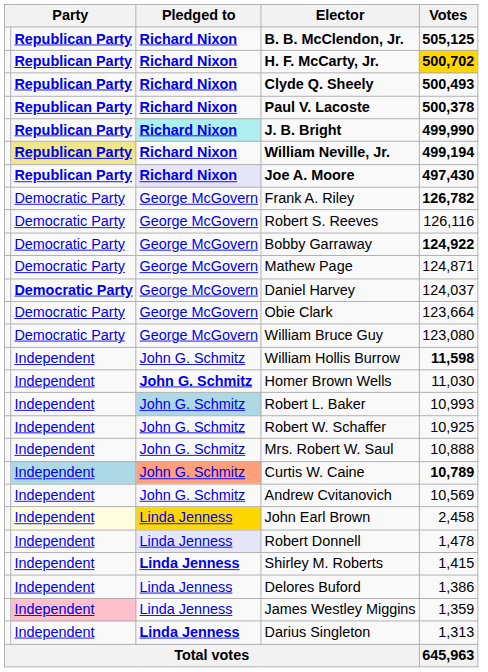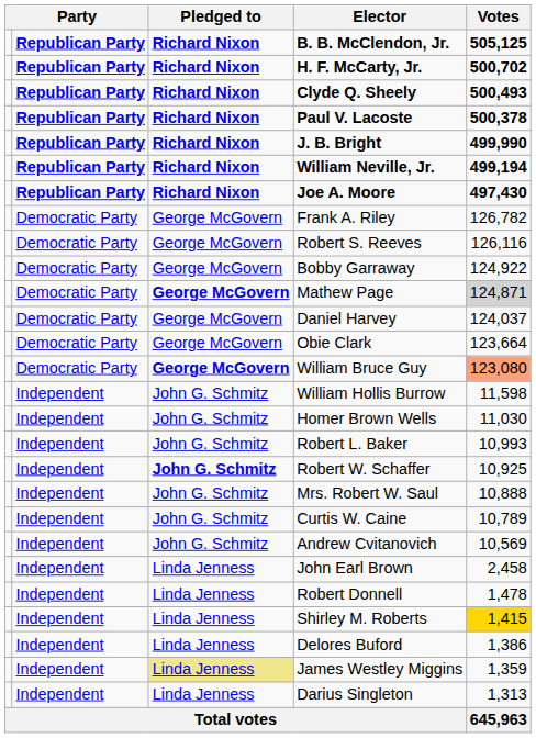 <table class="wikitable">
 <tr>
 <th colspan=2>Party</th>
 <th>Pledged to</th>
 <th>Elector</th>
 <th>Votes</th>
 </tr>
 <tr style="font-weight:bold">
 <td bgcolor=></td>
 <td><a href='#'>Republican Party</a></td>
 <td><a href='#'>Richard Nixon</a></td>
 <td>B. B. McClendon, Jr.</td>
 <td align=right>505,125</td>
 </tr>
 <tr style="font-weight:bold">
 <td bgcolor=></td>
 <td><a href='#'>Republican Party</a></td>
 <td><a href='#'>Richard Nixon</a></td>
 <td>H. F. McCarty, Jr.</td>
-<td align=right style="background: gold;">500,702</td>
+<td align=right>500,702</td>
 </tr>
 <tr style="font-weight:bold">
 <td bgcolor=></td>
 <td><a href='#'>Republican Party</a></td>
 <td><a href='#'>Richard Nixon</a></td>
 <td>Clyde Q. Sheely</td>
 <td align=right>500,493</td>
 </tr>
 <tr style="font-weight:bold">
 <td bgcolor=></td>
 <td><a href='#'>Republican Party</a></td>
 <td><a href='#'>Richard Nixon</a></td>
 <td>Paul V. Lacoste</td>
 <td align=right>500,378</td>
 </tr>
 <tr style="font-weight:bold">
 <td bgcolor=></td>
 <td><a href='#'>Republican Party</a></td>
-<td style="background: paleturquoise;"><a href='#'>Richard Nixon</a></td>
+<td><a href='#'>Richard Nixon</a></td>
 <td>J. B. Bright</td>
 <td align=right>499,990</td>
 </tr>
 <tr style="font-weight:bold">
 <td bgcolor=></td>
-<td style="background: khaki;"><a href='#'>Republican Party</a></td>
+<td><a href='#'>Republican Party</a></td>
 <td><a href='#'>Richard Nixon</a></td>
 <td>William Neville, Jr.</td>
 <td align=right>499,194</td>
 </tr>
 <tr style="font-weight:bold">
 <td bgcolor=></td>
 <td><a href='#'>Republican Party</a></td>
-<td style="background: lavender;"><a href='#'>Richard Nixon</a></td>
+<td><a href='#'>Richard Nixon</a></td>
 <td>Joe A. Moore</td>
 <td align=right>497,430</td>
 </tr>
 <tr>
 <td bgcolor=></td>
 <td><a href='#'>Democratic Party</a></td>
 <td><a href='#'>George McGovern</a></td>
 <td>Frank A. Riley</td>
-<td align=right><strong>126,782</strong></td>
+<td align=right>126,782</td>
 </tr>
 <tr>
 <td bgcolor=></td>
 <td><a href='#'>Democratic Party</a></td>
 <td><a href='#'>George McGovern</a></td>
 <td>Robert S. Reeves</td>
 <td align=right>126,116</td>
 </tr>
 <tr>
 <td bgcolor=></td>
 <td><a href='#'>Democratic Party</a></td>
 <td><a href='#'>George McGovern</a></td>
 <td>Bobby Garraway</td>
-<td align=right><strong>124,922</strong></td>
+<td align=right>124,922</td>
 </tr>
 <tr>
 <td bgcolor=></td>
 <td><a href='#'>Democratic Party</a></td>
-<td><a href='#'>George McGovern</a></td>
+<td><strong><a href='#'>George McGovern</a></strong></td>
 <td>Mathew Page</td>
-<td align=right>124,871</td>
+<td align=right style="background: lightgrey;">124,871</td>
 </tr>
 <tr>
 <td bgcolor=></td>
-<td><strong><a href='#'>Democratic Party</a></strong></td>
+<td><a href='#'>Democratic Party</a></td>
 <td><a href='#'>George McGovern</a></td>
 <td>Daniel Harvey</td>
 <td align=right>124,037</td>
 </tr>
 <tr>
 <td bgcolor=></td>
 <td><a href='#'>Democratic Party</a></td>
 <td><a href='#'>George McGovern</a></td>
 <td>Obie Clark</td>
 <td align=right>123,664</td>
 </tr>
 <tr>
 <td bgcolor=></td>
 <td><a href='#'>Democratic Party</a></td>
-<td><a href='#'>George McGovern</a></td>
+<td><strong><a href='#'>George McGovern</a></strong></td>
 <td>William Bruce Guy</td>
-<td align=right>123,080</td>
+<td align=right style="background: lightsalmon;">123,080</td>
 </tr>
 <tr>
 <td bgcolor=></td>
 <td><a href='#'>Independent</a></td>
 <td><a href='#'>John G. Schmitz</a></td>
 <td>William Hollis Burrow</td>
-<td align=right><strong>11,598</strong></td>
+<td align=right>11,598</td>
 </tr>
 <tr>
 <td bgcolor=></td>
 <td><a href='#'>Independent</a></td>
-<td><strong><a href='#'>John G. Schmitz</a></strong></td>
+<td><a href='#'>John G. Schmitz</a></td>
 <td>Homer Brown Wells</td>
 <td align=right>11,030</td>
 </tr>
 <tr>
 <td bgcolor=></td>
 <td><a href='#'>Independent</a></td>
-<td style="background: lightblue;"><a href='#'>John G. Schmitz</a></td>
+<td><a href='#'>John G. Schmitz</a></td>
 <td>Robert L. Baker</td>
 <td align=right>10,993</td>
 </tr>
 <tr>
 <td bgcolor=></td>
 <td><a href='#'>Independent</a></td>
-<td><a href='#'>John G. Schmitz</a></td>
+<td><strong><a href='#'>John G. Schmitz</a></strong></td>
 <td>Robert W. Schaffer</td>
 <td align=right>10,925</td>
 </tr>
 <tr>
 <td bgcolor=></td>
 <td><a href='#'>Independent</a></td>
 <td><a href='#'>John G. Schmitz</a></td>
 <td>Mrs. Robert W. Saul</td>
 <td align=right>10,888</td>
 </tr>
 <tr>
 <td bgcolor=></td>
-<td style="background: lightblue;"><a href='#'>Independent</a></td>
-<td style="background: lightsalmon;"><a href='#'>John G. Schmitz</a></td>
+<td><a href='#'>Independent</a></td>
+<td><a href='#'>John G. Schmitz</a></td>
 <td>Curtis W. Caine</td>
-<td align=right><strong>10,789</strong></td>
+<td align=right>10,789</td>
 </tr>
 <tr>
 <td bgcolor=></td>
 <td><a href='#'>Independent</a></td>
 <td><a href='#'>John G. Schmitz</a></td>
 <td>Andrew Cvitanovich</td>
 <td align=right>10,569</td>
 </tr>
 <tr>
 <td bgcolor=></td>
-<td style="background: lightyellow;"><a href='#'>Independent</a></td>
-<td style="background: gold;"><a href='#'>Linda Jenness</a></td>
+<td><a href='#'>Independent</a></td>
+<td><a href='#'>Linda Jenness</a></td>
 <td>John Earl Brown</td>
 <td align=right>2,458</td>
 </tr>
 <tr>
 <td bgcolor=></td>
 <td><a href='#'>Independent</a></td>
-<td style="background: lavender;"><a href='#'>Linda Jenness</a></td>
+<td><a href='#'>Linda Jenness</a></td>
 <td>Robert Donnell</td>
 <td align=right>1,478</td>
 </tr>
 <tr>
 <td bgcolor=></td>
 <td><a href='#'>Independent</a></td>
-<td><strong><a href='#'>Linda Jenness</a></strong></td>
+<td><a href='#'>Linda Jenness</a></td>
 <td>Shirley M. Roberts</td>
-<td align=right>1,415</td>
+<td align=right style="background: gold;">1,415</td>
 </tr>
 <tr>
 <td bgcolor=></td>
 <td><a href='#'>Independent</a></td>
 <td><a href='#'>Linda Jenness</a></td>
 <td>Delores Buford</td>
 <td align=right>1,386</td>
 </tr>
 <tr>
 <td bgcolor=></td>
-<td style="background: pink;"><a href='#'>Independent</a></td>
-<td><a href='#'>Linda Jenness</a></td>
+<td><a href='#'>Independent</a></td>
+<td style="background: khaki;"><a href='#'>Linda Jenness</a></td>
 <td>James Westley Miggins</td>
 <td align=right>1,359</td>
 </tr>
 <tr>
 <td bgcolor=></td>
 <td><a href='#'>Independent</a></td>
-<td><strong><a href='#'>Linda Jenness</a></strong></td>
+<td><a href='#'>Linda Jenness</a></td>
 <td>Darius Singleton</td>
 <td align=right>1,313</td>
 </tr>
 <tr>
 <th colspan=4>Total votes</th>
 <th>645,963</th>
 </tr>
 </table>
